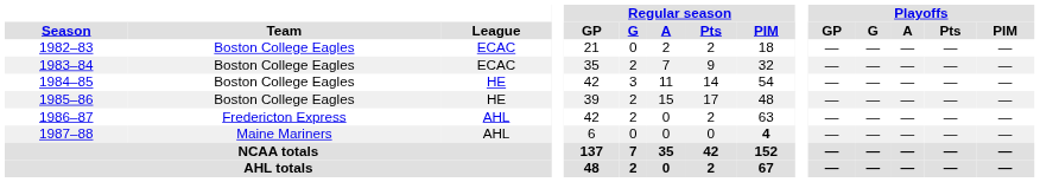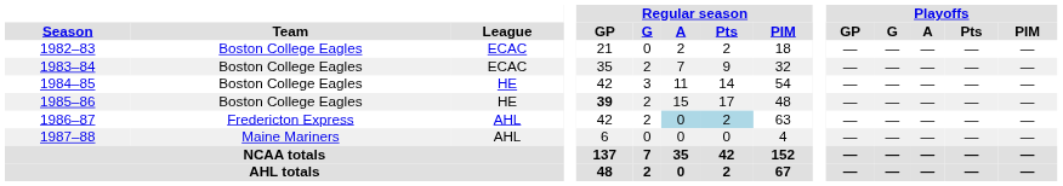 <table BORDER="0" CELLPADDING="1" CELLSPACING="0" width="75%" style="text-align:center">
 <tr bgcolor="#e0e0e0">
 <th colspan="3" bgcolor="#ffffff"> </th>
 <th rowspan="99" bgcolor="#ffffff"> </th>
 <th colspan="5"><a href='#'>Regular season</a></th>
 <th rowspan="99" bgcolor="#ffffff"> </th>
 <th colspan="5"><a href='#'>Playoffs</a></th>
 </tr>
 <tr bgcolor="#e0e0e0">
 <th><a href='#'>Season</a></th>
 <th>Team</th>
 <th>League</th>
 <th>GP</th>
 <th><a href='#'>G</a></th>
 <th><a href='#'>A</a></th>
 <th><a href='#'>Pts</a></th>
 <th><a href='#'>PIM</a></th>
 <th>GP</th>
 <th>G</th>
 <th>A</th>
 <th>Pts</th>
 <th>PIM</th>
 </tr>
 <tr>
 <td><a href='#'>1982–83</a></td>
 <td><a href='#'>Boston College Eagles</a></td>
 <td><a href='#'>ECAC</a></td>
 <td>21</td>
 <td>0</td>
 <td>2</td>
 <td>2</td>
 <td>18</td>
 <td>—</td>
 <td>—</td>
 <td>—</td>
 <td>—</td>
 <td>—</td>
 </tr>
 <tr bgcolor="#f0f0f0">
 <td><a href='#'>1983–84</a></td>
 <td>Boston College Eagles</td>
 <td>ECAC</td>
 <td>35</td>
 <td>2</td>
 <td>7</td>
 <td>9</td>
 <td>32</td>
 <td>—</td>
 <td>—</td>
 <td>—</td>
 <td>—</td>
 <td>—</td>
 </tr>
 <tr>
 <td><a href='#'>1984–85</a></td>
 <td>Boston College Eagles</td>
 <td><a href='#'>HE</a></td>
 <td>42</td>
 <td>3</td>
 <td>11</td>
 <td>14</td>
 <td>54</td>
 <td>—</td>
 <td>—</td>
 <td>—</td>
 <td>—</td>
 <td>—</td>
 </tr>
 <tr bgcolor="#f0f0f0">
 <td><a href='#'>1985–86</a></td>
 <td>Boston College Eagles</td>
 <td>HE</td>
-<td>39</td>
+<td><strong>39</strong></td>
 <td>2</td>
 <td>15</td>
 <td>17</td>
 <td>48</td>
 <td>—</td>
 <td>—</td>
 <td>—</td>
 <td>—</td>
 <td>—</td>
 </tr>
 <tr>
 <td><a href='#'>1986–87</a></td>
 <td><a href='#'>Fredericton Express</a></td>
 <td><a href='#'>AHL</a></td>
 <td>42</td>
 <td>2</td>
-<td>0</td>
-<td>2</td>
+<td style="background: lightblue;">0</td>
+<td style="background: lightblue;">2</td>
 <td>63</td>
 <td>—</td>
 <td>—</td>
 <td>—</td>
 <td>—</td>
 <td>—</td>
 </tr>
 <tr bgcolor="#f0f0f0">
 <td><a href='#'>1987–88</a></td>
 <td><a href='#'>Maine Mariners</a></td>
 <td>AHL</td>
 <td>6</td>
 <td>0</td>
 <td>0</td>
 <td>0</td>
-<td><strong>4</strong></td>
+<td>4</td>
 <td>—</td>
 <td>—</td>
 <td>—</td>
 <td>—</td>
 <td>—</td>
 </tr>
 <tr bgcolor="#e0e0e0">
 <th colspan="3">NCAA totals</th>
 <th>137</th>
 <th>7</th>
 <th>35</th>
 <th>42</th>
 <th>152</th>
 <th>—</th>
 <th>—</th>
 <th>—</th>
 <th>—</th>
 <th>—</th>
 </tr>
 <tr bgcolor="#e0e0e0">
 <th colspan="3">AHL totals</th>
 <th>48</th>
 <th>2</th>
 <th>0</th>
 <th>2</th>
 <th>67</th>
 <th>—</th>
 <th>—</th>
 <th>—</th>
 <th>—</th>
 <th>—</th>
 </tr>
 </table>
